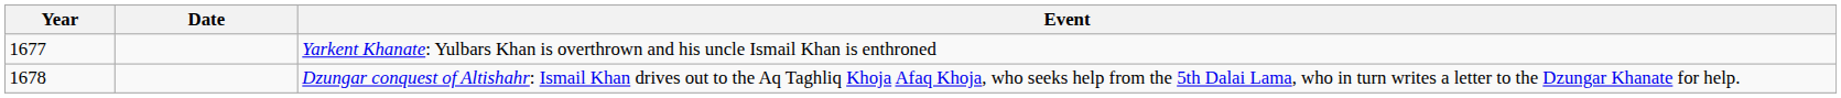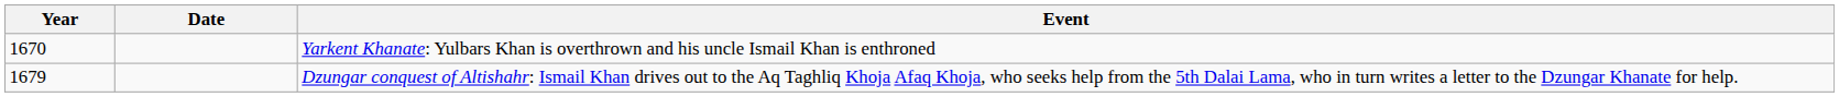 <table class="wikitable" width="100%">
 <tr>
 <th style="width:6%">Year</th>
 <th style="width:10%">Date</th>
 <th>Event</th>
 </tr>
 <tr>
-<td>1677</td>
+<td>1670</td>
 <td></td>
 <td><em><a href='#'>Yarkent Khanate</a></em>: Yulbars Khan is overthrown and his uncle Ismail Khan is enthroned</td>
 </tr>
 <tr>
-<td>1678</td>
+<td>1679</td>
 <td></td>
 <td><em><a href='#'>Dzungar conquest of Altishahr</a></em>: <a href='#'>Ismail Khan</a> drives out to the Aq Taghliq <a href='#'>Khoja</a> <a href='#'>Afaq Khoja</a>, who seeks help from the <a href='#'>5th Dalai Lama</a>, who in turn writes a letter to the <a href='#'>Dzungar Khanate</a> for help.</td>
 </tr>
 </table>
